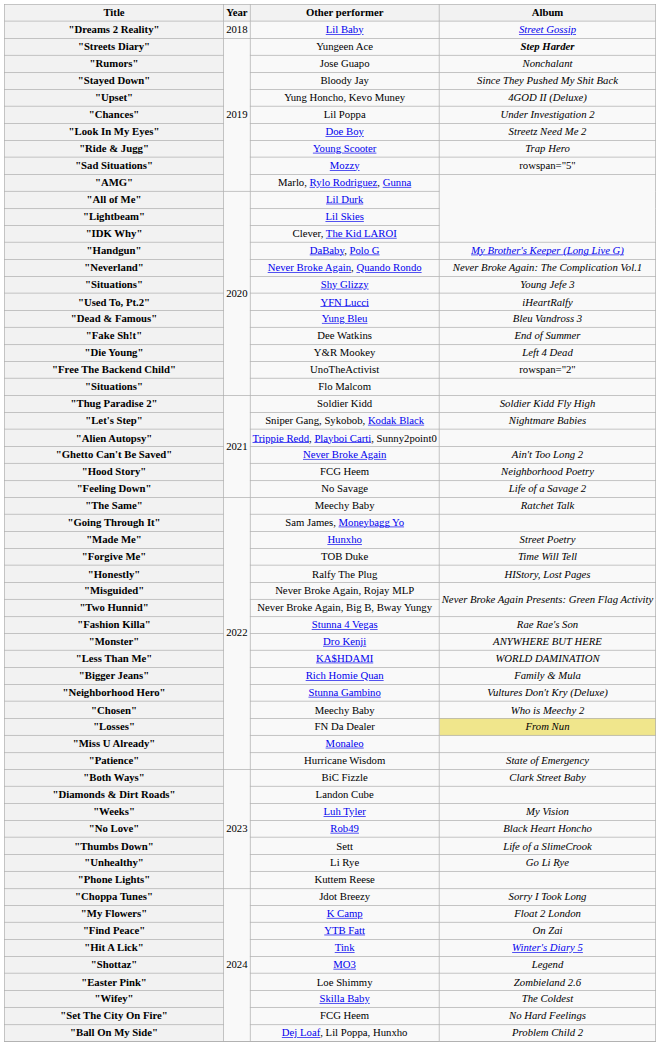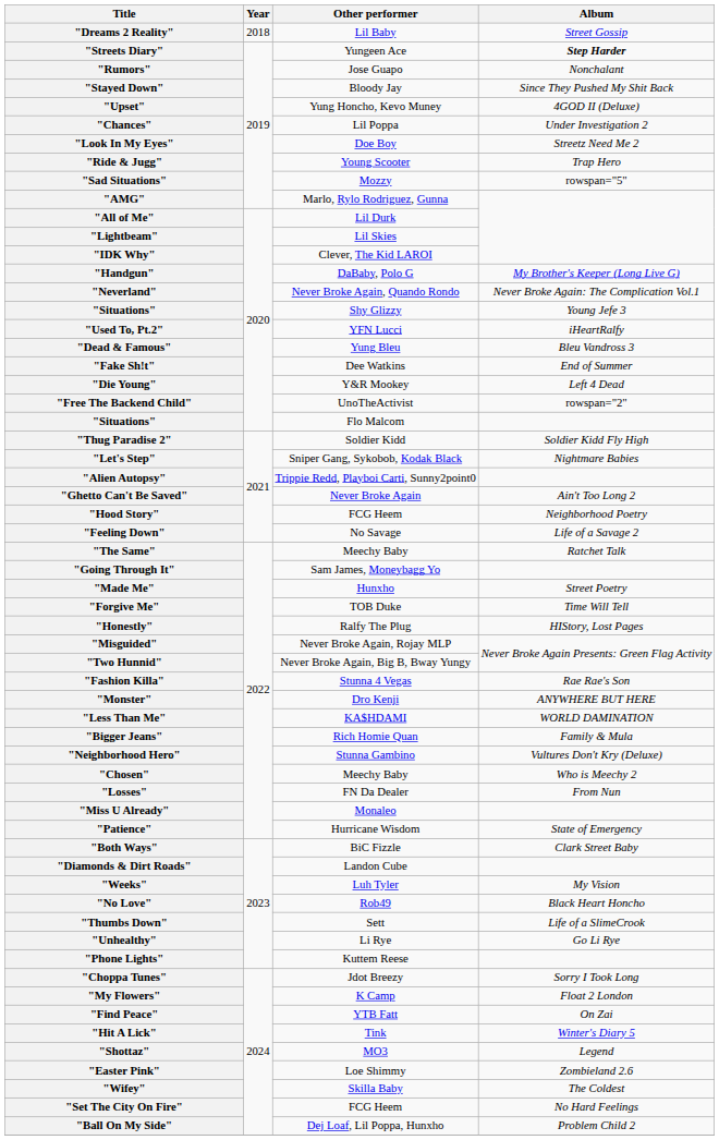 <table class="wikitable plainrowheaders" style="text-align:center;">
 <tr>
 <th scope="col" style="width:20em;">Title</th>
 <th scope="col">Year</th>
 <th scope="col">Other performer</th>
 <th scope="col">Album</th>
 </tr>
 <tr>
 <th scope="row">"Dreams 2 Reality"</th>
 <td>2018</td>
 <td><a href='#'>Lil Baby</a></td>
 <td><em><a href='#'>Street Gossip</a></em></td>
 </tr>
 <tr>
 <th scope="row">"Streets Diary"</th>
 <td rowspan="9">2019</td>
 <td>Yungeen Ace</td>
 <td><strong><em>Step Harder</em></strong></td>
 </tr>
 <tr>
 <th scope="row">"Rumors"</th>
 <td>Jose Guapo</td>
 <td><em>Nonchalant</em></td>
 </tr>
 <tr>
 <th scope="row">"Stayed Down"</th>
 <td>Bloody Jay</td>
 <td><em>Since They Pushed My Shit Back</em></td>
 </tr>
 <tr>
 <th scope="row">"Upset"</th>
 <td>Yung Honcho, Kevo Muney</td>
 <td><em>4GOD II (Deluxe)</em></td>
 </tr>
 <tr>
 <th scope="row">"Chances"</th>
 <td>Lil Poppa</td>
 <td><em>Under Investigation 2</em></td>
 </tr>
 <tr>
 <th scope="row">"Look In My Eyes"</th>
 <td><a href='#'>Doe Boy</a></td>
 <td><em>Streetz Need Me 2</em></td>
 </tr>
 <tr>
 <th scope="row">"Ride & Jugg"</th>
 <td><a href='#'>Young Scooter</a></td>
 <td><em>Trap Hero</em></td>
 </tr>
 <tr>
 <th scope="row">"Sad Situations"</th>
 <td><a href='#'>Mozzy</a></td>
 <td>rowspan="5" </td>
 </tr>
 <tr>
 <th scope="row">"AMG"</th>
 <td>Marlo, <a href='#'>Rylo Rodriguez</a>, <a href='#'>Gunna</a></td>
 </tr>
 <tr>
 <th scope="row">"All of Me"</th>
 <td rowspan="12">2020</td>
 <td><a href='#'>Lil Durk</a></td>
 </tr>
 <tr>
 <th scope="row">"Lightbeam"</th>
 <td><a href='#'>Lil Skies</a></td>
 </tr>
 <tr>
 <th scope="row">"IDK Why"</th>
 <td>Clever, <a href='#'>The Kid LAROI</a></td>
 </tr>
 <tr>
 <th scope="row">"Handgun"</th>
 <td><a href='#'>DaBaby</a>, <a href='#'>Polo G</a></td>
 <td><em><a href='#'>My Brother's Keeper (Long Live G)</a></em></td>
 </tr>
 <tr>
 <th scope="row">"Neverland"</th>
 <td><a href='#'>Never Broke Again</a>, <a href='#'>Quando Rondo</a></td>
 <td><em>Never Broke Again: The Complication Vol.1</em></td>
 </tr>
 <tr>
 <th scope="row">"Situations"</th>
 <td><a href='#'>Shy Glizzy</a></td>
 <td><em>Young Jefe 3</em></td>
 </tr>
 <tr>
 <th scope="row">"Used To, Pt.2"</th>
 <td><a href='#'>YFN Lucci</a></td>
 <td><em>iHeartRalfy</em></td>
 </tr>
 <tr>
 <th scope="row">"Dead & Famous"</th>
 <td><a href='#'>Yung Bleu</a></td>
 <td><em>Bleu Vandross 3</em></td>
 </tr>
 <tr>
 <th scope="row">"Fake Sh!t"</th>
 <td>Dee Watkins</td>
 <td><em>End of Summer</em></td>
 </tr>
 <tr>
 <th scope="row">"Die Young"</th>
 <td>Y&R Mookey</td>
 <td><em>Left 4 Dead</em></td>
 </tr>
 <tr>
 <th scope="row">"Free The Backend Child"</th>
 <td>UnoTheActivist</td>
 <td>rowspan="2" </td>
 </tr>
 <tr>
 <th scope="row">"Situations"</th>
 <td>Flo Malcom</td>
 </tr>
 <tr>
 <th scope="row">"Thug Paradise 2"</th>
 <td rowspan="6">2021</td>
 <td>Soldier Kidd</td>
 <td><em>Soldier Kidd Fly High</em></td>
 </tr>
 <tr>
 <th scope="row">"Let's Step"</th>
 <td>Sniper Gang, Sykobob, <a href='#'>Kodak Black</a></td>
 <td><em>Nightmare Babies</em></td>
 </tr>
 <tr>
 <th scope="row">"Alien Autopsy"</th>
 <td><a href='#'>Trippie Redd</a>, <a href='#'>Playboi Carti</a>, Sunny2point0</td>
 <td></td>
 </tr>
 <tr>
 <th scope="row">"Ghetto Can't Be Saved"</th>
 <td><a href='#'>Never Broke Again</a></td>
 <td><em>Ain't Too Long 2</em></td>
 </tr>
 <tr>
 <th scope="row">"Hood Story"</th>
 <td>FCG Heem</td>
 <td><em>Neighborhood Poetry</em></td>
 </tr>
 <tr>
 <th scope="row">"Feeling Down"</th>
 <td>No Savage</td>
 <td><em>Life of a Savage 2</em></td>
 </tr>
 <tr>
 <th scope="row">"The Same"</th>
 <td rowspan="16">2022</td>
 <td>Meechy Baby</td>
 <td><em>Ratchet Talk</em></td>
 </tr>
 <tr>
 <th scope="row">"Going Through It"</th>
 <td>Sam James, <a href='#'>Moneybagg Yo</a></td>
 <td></td>
 </tr>
 <tr>
 <th scope="row">"Made Me"</th>
 <td><a href='#'>Hunxho</a></td>
 <td><em>Street Poetry</em></td>
 </tr>
 <tr>
 <th scope="row">"Forgive Me"</th>
 <td>TOB Duke</td>
 <td><em>Time Will Tell</em></td>
 </tr>
 <tr>
 <th scope="row">"Honestly"</th>
 <td>Ralfy The Plug</td>
 <td><em>HIStory, Lost Pages</em></td>
 </tr>
 <tr>
 <th scope="row">"Misguided"</th>
 <td>Never Broke Again, Rojay MLP</td>
 <td rowspan="2"><em>Never Broke Again Presents: Green Flag Activity</em></td>
 </tr>
 <tr>
 <th scope="row">"Two Hunnid"</th>
 <td>Never Broke Again, Big B, Bway Yungy</td>
 </tr>
 <tr>
 <th scope="row">"Fashion Killa"</th>
 <td><a href='#'>Stunna 4 Vegas</a></td>
 <td><em>Rae Rae's Son</em></td>
 </tr>
 <tr>
 <th scope="row">"Monster"</th>
 <td><a href='#'>Dro Kenji</a></td>
 <td><em>ANYWHERE BUT HERE</em></td>
 </tr>
 <tr>
 <th scope="row">"Less Than Me"</th>
 <td><a href='#'>KA$HDAMI</a></td>
 <td><em>WORLD DAMINATION</em></td>
 </tr>
 <tr>
 <th scope="row">"Bigger Jeans"</th>
 <td><a href='#'>Rich Homie Quan</a></td>
 <td><em>Family & Mula</em></td>
 </tr>
 <tr>
 <th scope="row">"Neighborhood Hero"</th>
 <td><a href='#'>Stunna Gambino</a></td>
 <td><em>Vultures Don't Kry (Deluxe)</em></td>
 </tr>
 <tr>
 <th scope="row">"Chosen"</th>
 <td>Meechy Baby</td>
 <td><em>Who is Meechy 2</em></td>
 </tr>
 <tr>
 <th scope="row">"Losses"</th>
 <td>FN Da Dealer</td>
-<td style="background: khaki;"><em>From Nun</em></td>
+<td><em>From Nun</em></td>
 </tr>
 <tr>
 <th scope="row">"Miss U Already"</th>
 <td><a href='#'>Monaleo</a></td>
 <td></td>
 </tr>
 <tr>
 <th scope="row">"Patience"</th>
 <td>Hurricane Wisdom</td>
 <td><em>State of Emergency</em></td>
 </tr>
 <tr>
 <th scope="row">"Both Ways"</th>
 <td rowspan="7">2023</td>
 <td>BiC Fizzle</td>
 <td><em>Clark Street Baby</em></td>
 </tr>
 <tr>
 <th scope="row">"Diamonds & Dirt Roads"</th>
 <td>Landon Cube</td>
 <td></td>
 </tr>
 <tr>
 <th scope="row">"Weeks"</th>
 <td><a href='#'>Luh Tyler</a></td>
 <td><em>My Vision</em></td>
 </tr>
 <tr>
 <th scope="row">"No Love"</th>
 <td><a href='#'>Rob49</a></td>
 <td><em>Black Heart Honcho</em></td>
 </tr>
 <tr>
 <th scope="row">"Thumbs Down"</th>
 <td>Sett</td>
 <td><em>Life of a SlimeCrook</em></td>
 </tr>
 <tr>
 <th scope="row">"Unhealthy"</th>
 <td>Li Rye</td>
 <td><em>Go Li Rye</em></td>
 </tr>
 <tr>
 <th scope="row">"Phone Lights"</th>
 <td>Kuttem Reese</td>
 <td></td>
 </tr>
 <tr>
 <th scope="row">"Choppa Tunes"</th>
 <td rowspan="9">2024</td>
 <td>Jdot Breezy</td>
 <td><em>Sorry I Took Long</em></td>
 </tr>
 <tr>
 <th scope="row">"My Flowers"</th>
 <td><a href='#'>K Camp</a></td>
 <td><em>Float 2 London</em></td>
 </tr>
 <tr>
 <th scope="row">"Find Peace"</th>
 <td><a href='#'>YTB Fatt</a></td>
 <td><em>On Zai</em></td>
 </tr>
 <tr>
 <th scope="row">"Hit A Lick"</th>
 <td><a href='#'>Tink</a></td>
 <td><em><a href='#'>Winter's Diary 5</a></em></td>
 </tr>
 <tr>
 <th scope="row">"Shottaz"</th>
 <td><a href='#'>MO3</a></td>
 <td><em>Legend</em></td>
 </tr>
 <tr>
 <th scope="row">"Easter Pink"</th>
 <td>Loe Shimmy</td>
 <td><em>Zombieland 2.6</em></td>
 </tr>
 <tr>
 <th scope="row">"Wifey"</th>
 <td><a href='#'>Skilla Baby</a></td>
 <td><em>The Coldest</em></td>
 </tr>
 <tr>
 <th scope="row">"Set The City On Fire"</th>
 <td>FCG Heem</td>
 <td><em>No Hard Feelings</em></td>
 </tr>
 <tr>
 <th scope="row">"Ball On My Side"</th>
 <td><a href='#'>Dej Loaf</a>, Lil Poppa, Hunxho</td>
 <td><em>Problem Child 2</em></td>
 </tr>
 <tr>
 </tr>
 </table>
